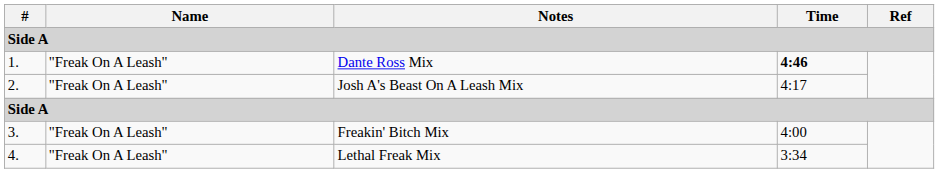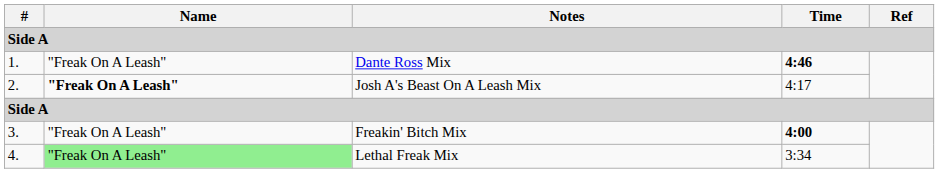 <table class="wikitable center" style="margin-top: 0; width:80%">
 <tr>
 <th align="left">#</th>
 <th align="left">Name</th>
 <th align="left">Notes</th>
 <th align="left">Time</th>
 <th align="left">Ref</th>
 </tr>
 <tr>
 <td style="background:LightGrey;" colspan="5" "font-size: 8pt"><strong>Side A</strong></td>
 </tr>
 <tr>
 <td>1.</td>
 <td>"Freak On A Leash"</td>
 <td><a href='#'>Dante Ross</a> Mix</td>
 <td><strong>4:46</strong></td>
 <td rowspan="2"></td>
 </tr>
 <tr>
 <td>2.</td>
-<td>"Freak On A Leash"</td>
+<td><strong>"Freak On A Leash"</strong></td>
 <td>Josh A's Beast On A Leash Mix</td>
 <td>4:17</td>
 </tr>
 <tr>
 <td style="background:LightGrey;" colspan="5" "font-size: 8pt"><strong>Side A</strong></td>
 </tr>
 <tr>
 <td>3.</td>
 <td>"Freak On A Leash"</td>
 <td>Freakin' Bitch Mix</td>
-<td>4:00</td>
+<td><strong>4:00</strong></td>
 <td rowspan="2"></td>
 </tr>
 <tr>
 <td>4.</td>
-<td>"Freak On A Leash"</td>
+<td style="background: lightgreen;">"Freak On A Leash"</td>
 <td>Lethal Freak Mix</td>
 <td>3:34</td>
 </tr>
 </table>
